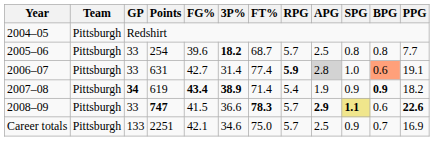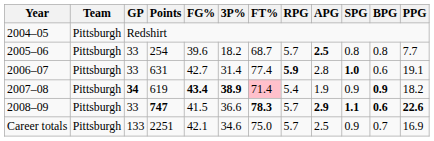 <table class="wikitable">
 <tr>
 <th>Year</th>
 <th>Team</th>
 <th>GP</th>
 <th>Points</th>
 <th>FG%</th>
 <th>3P%</th>
 <th>FT%</th>
 <th>RPG</th>
 <th>APG</th>
 <th>SPG</th>
 <th>BPG</th>
 <th>PPG</th>
 </tr>
 <tr>
 <td>2004–05</td>
 <td>Pittsburgh</td>
 <td colspan="10">Redshirt</td>
 </tr>
 <tr>
 <td>2005–06</td>
 <td>Pittsburgh</td>
 <td>33</td>
 <td>254</td>
 <td>39.6</td>
-<td><strong>18.2</strong></td>
+<td>18.2</td>
 <td>68.7</td>
 <td>5.7</td>
-<td>2.5</td>
+<td><strong>2.5</strong></td>
 <td>0.8</td>
 <td>0.8</td>
 <td>7.7</td>
 </tr>
 <tr>
 <td>2006–07</td>
 <td>Pittsburgh</td>
 <td>33</td>
 <td>631</td>
 <td>42.7</td>
 <td>31.4</td>
 <td>77.4</td>
 <td><strong>5.9</strong></td>
-<td style="background: lightgrey;">2.8</td>
-<td>1.0</td>
-<td style="background: lightsalmon;">0.6</td>
+<td>2.8</td>
+<td><strong>1.0</strong></td>
+<td>0.6</td>
 <td>19.1</td>
 </tr>
 <tr>
 <td>2007–08</td>
 <td>Pittsburgh</td>
 <td><strong>34</strong></td>
 <td>619</td>
 <td><strong>43.4</strong></td>
 <td><strong>38.9</strong></td>
-<td>71.4</td>
+<td style="background: pink;">71.4</td>
 <td>5.4</td>
 <td>1.9</td>
 <td>0.9</td>
 <td><strong>0.9</strong></td>
 <td>18.2</td>
 </tr>
 <tr>
 <td>2008–09</td>
 <td>Pittsburgh</td>
 <td>33</td>
 <td><strong>747</strong></td>
 <td>41.5</td>
 <td>36.6</td>
 <td><strong>78.3</strong></td>
 <td>5.7</td>
 <td><strong>2.9</strong></td>
-<td style="background: khaki;"><strong>1.1</strong></td>
-<td>0.6</td>
+<td><strong>1.1</strong></td>
+<td><strong>0.6</strong></td>
 <td><strong>22.6</strong></td>
 </tr>
 <tr>
 <td>Career totals</td>
 <td>Pittsburgh</td>
 <td>133</td>
 <td>2251</td>
 <td>42.1</td>
 <td>34.6</td>
 <td>75.0</td>
 <td>5.7</td>
 <td>2.5</td>
 <td>0.9</td>
 <td>0.7</td>
 <td>16.9</td>
 </tr>
 </table>
